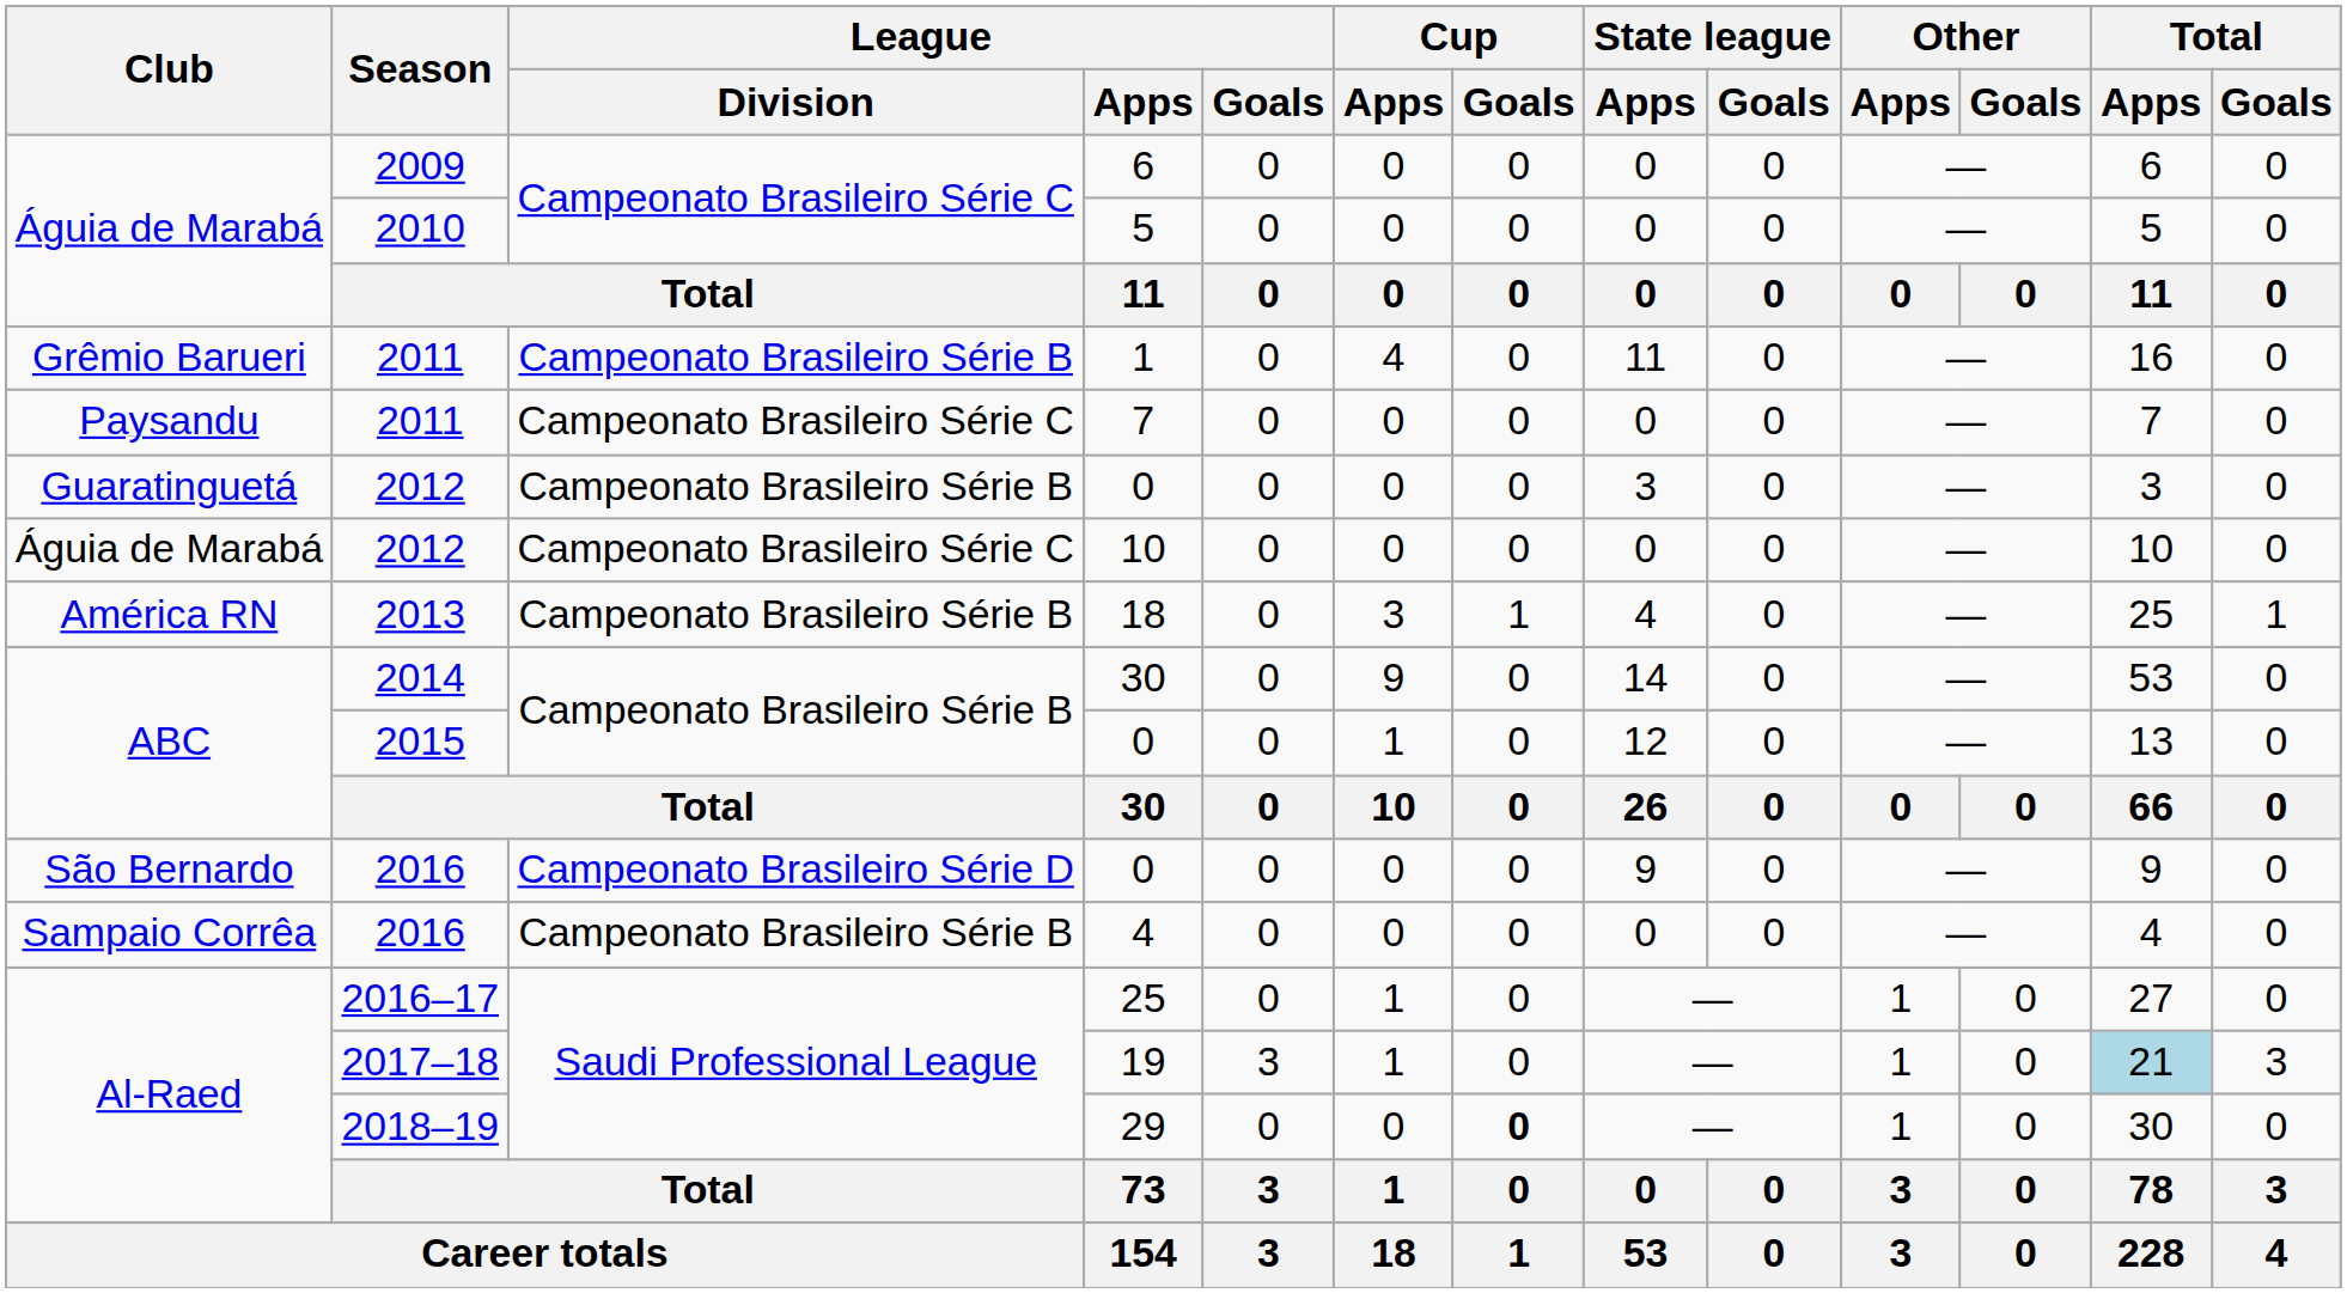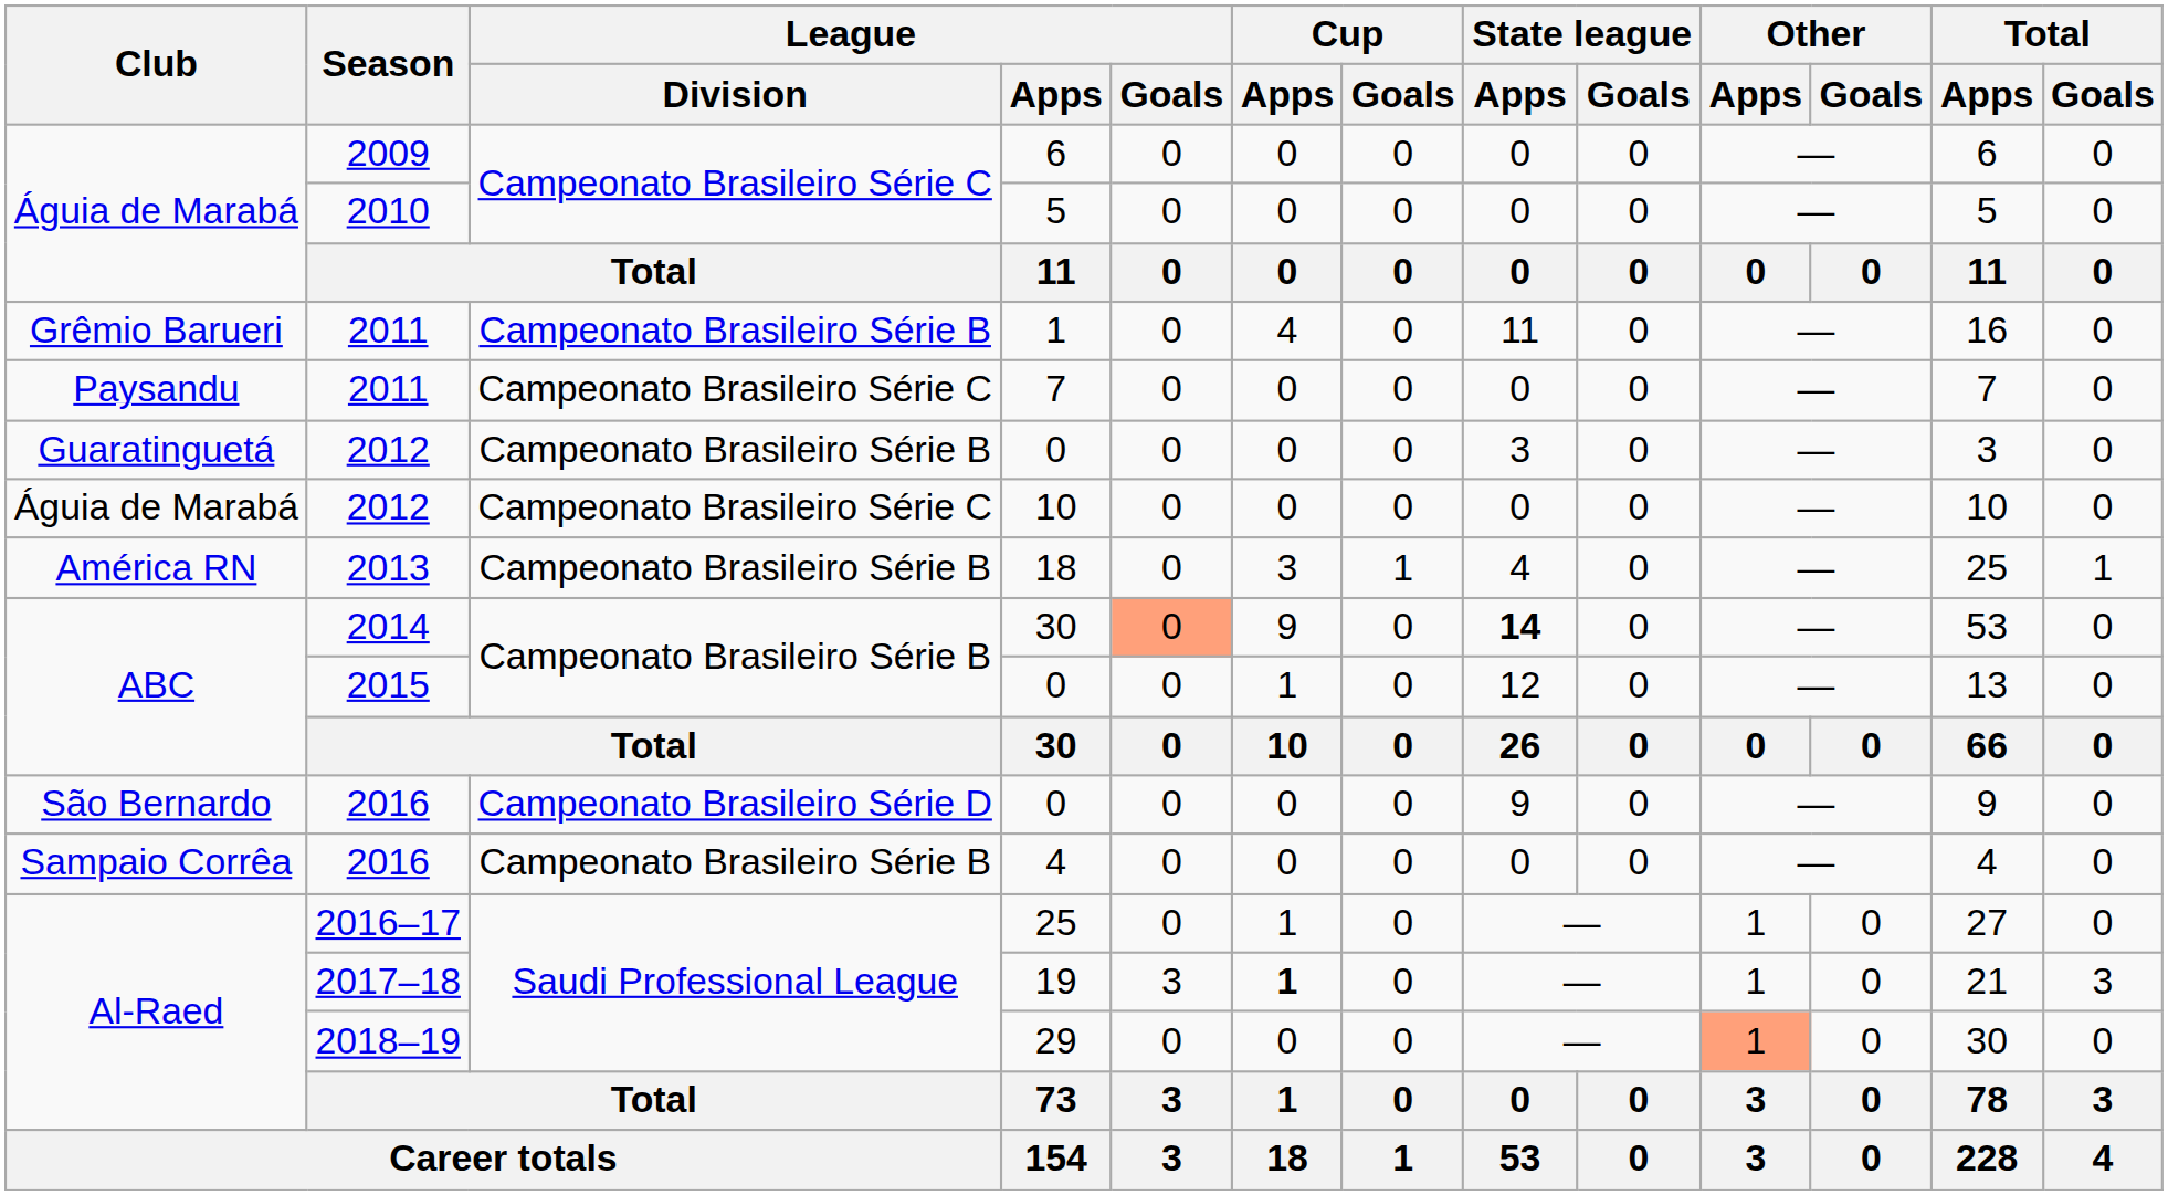 <table class="wikitable" style="text-align:center">
 <tr>
 <th rowspan="2">Club</th>
 <th rowspan="2">Season</th>
 <th colspan="3">League</th>
 <th colspan="2">Cup</th>
 <th colspan="2">State league</th>
 <th colspan="2">Other</th>
 <th colspan="2">Total</th>
 </tr>
 <tr>
 <th>Division</th>
 <th>Apps</th>
 <th>Goals</th>
 <th>Apps</th>
 <th>Goals</th>
 <th>Apps</th>
 <th>Goals</th>
 <th>Apps</th>
 <th>Goals</th>
 <th>Apps</th>
 <th>Goals</th>
 </tr>
 <tr>
 <td rowspan=3><a href='#'>Águia de Marabá</a></td>
 <td><a href='#'>2009</a></td>
 <td rowspan=2><a href='#'>Campeonato Brasileiro Série C</a></td>
 <td>6</td>
 <td>0</td>
 <td>0</td>
 <td>0</td>
 <td>0</td>
 <td>0</td>
 <td colspan=2>—</td>
 <td>6</td>
 <td>0</td>
 </tr>
 <tr>
 <td><a href='#'>2010</a></td>
 <td>5</td>
 <td>0</td>
 <td>0</td>
 <td>0</td>
 <td>0</td>
 <td>0</td>
 <td colspan=2>—</td>
 <td>5</td>
 <td>0</td>
 </tr>
 <tr>
 <th colspan=2>Total</th>
 <th>11</th>
 <th>0</th>
 <th>0</th>
 <th>0</th>
 <th>0</th>
 <th>0</th>
 <th>0</th>
 <th>0</th>
 <th>11</th>
 <th>0</th>
 </tr>
 <tr>
 <td><a href='#'>Grêmio Barueri</a></td>
 <td><a href='#'>2011</a></td>
 <td><a href='#'>Campeonato Brasileiro Série B</a></td>
 <td>1</td>
 <td>0</td>
 <td>4</td>
 <td>0</td>
 <td>11</td>
 <td>0</td>
 <td colspan=2>—</td>
 <td>16</td>
 <td>0</td>
 </tr>
 <tr>
 <td><a href='#'>Paysandu</a></td>
 <td><a href='#'>2011</a></td>
 <td>Campeonato Brasileiro Série C</td>
 <td>7</td>
 <td>0</td>
 <td>0</td>
 <td>0</td>
 <td>0</td>
 <td>0</td>
 <td colspan=2>—</td>
 <td>7</td>
 <td>0</td>
 </tr>
 <tr>
 <td><a href='#'>Guaratinguetá</a></td>
 <td><a href='#'>2012</a></td>
 <td>Campeonato Brasileiro Série B</td>
 <td>0</td>
 <td>0</td>
 <td>0</td>
 <td>0</td>
 <td>3</td>
 <td>0</td>
 <td colspan=2>—</td>
 <td>3</td>
 <td>0</td>
 </tr>
 <tr>
 <td>Águia de Marabá</td>
 <td><a href='#'>2012</a></td>
 <td>Campeonato Brasileiro Série C</td>
 <td>10</td>
 <td>0</td>
 <td>0</td>
 <td>0</td>
 <td>0</td>
 <td>0</td>
 <td colspan=2>—</td>
 <td>10</td>
 <td>0</td>
 </tr>
 <tr>
 <td><a href='#'>América RN</a></td>
 <td><a href='#'>2013</a></td>
 <td>Campeonato Brasileiro Série B</td>
 <td>18</td>
 <td>0</td>
 <td>3</td>
 <td>1</td>
 <td>4</td>
 <td>0</td>
 <td colspan=2>—</td>
 <td>25</td>
 <td>1</td>
 </tr>
 <tr>
 <td rowspan=3><a href='#'>ABC</a></td>
 <td><a href='#'>2014</a></td>
 <td rowspan=2>Campeonato Brasileiro Série B</td>
 <td>30</td>
-<td>0</td>
+<td style="background: lightsalmon;">0</td>
 <td>9</td>
 <td>0</td>
-<td>14</td>
+<td><strong>14</strong></td>
 <td>0</td>
 <td colspan=2>—</td>
 <td>53</td>
 <td>0</td>
 </tr>
 <tr>
 <td><a href='#'>2015</a></td>
 <td>0</td>
 <td>0</td>
 <td>1</td>
 <td>0</td>
 <td>12</td>
 <td>0</td>
 <td colspan=2>—</td>
 <td>13</td>
 <td>0</td>
 </tr>
 <tr>
 <th colspan=2>Total</th>
 <th>30</th>
 <th>0</th>
 <th>10</th>
 <th>0</th>
 <th>26</th>
 <th>0</th>
 <th>0</th>
 <th>0</th>
 <th>66</th>
 <th>0</th>
 </tr>
 <tr>
 <td><a href='#'>São Bernardo</a></td>
 <td><a href='#'>2016</a></td>
 <td><a href='#'>Campeonato Brasileiro Série D</a></td>
 <td>0</td>
 <td>0</td>
 <td>0</td>
 <td>0</td>
 <td>9</td>
 <td>0</td>
 <td colspan=2>—</td>
 <td>9</td>
 <td>0</td>
 </tr>
 <tr>
 <td><a href='#'>Sampaio Corrêa</a></td>
 <td><a href='#'>2016</a></td>
 <td>Campeonato Brasileiro Série B</td>
 <td>4</td>
 <td>0</td>
 <td>0</td>
 <td>0</td>
 <td>0</td>
 <td>0</td>
 <td colspan=2>—</td>
 <td>4</td>
 <td>0</td>
 </tr>
 <tr>
 <td rowspan=4><a href='#'>Al-Raed</a></td>
 <td><a href='#'>2016–17</a></td>
 <td rowspan=3><a href='#'>Saudi Professional League</a></td>
 <td>25</td>
 <td>0</td>
 <td>1</td>
 <td>0</td>
 <td colspan=2>—</td>
 <td>1</td>
 <td>0</td>
 <td>27</td>
 <td>0</td>
 </tr>
 <tr>
 <td><a href='#'>2017–18</a></td>
 <td>19</td>
 <td>3</td>
-<td>1</td>
+<td><strong>1</strong></td>
 <td>0</td>
 <td colspan=2>—</td>
 <td>1</td>
 <td>0</td>
-<td style="background: lightblue;">21</td>
+<td>21</td>
 <td>3</td>
 </tr>
 <tr>
 <td><a href='#'>2018–19</a></td>
 <td>29</td>
 <td>0</td>
 <td>0</td>
-<td><strong>0</strong></td>
+<td>0</td>
 <td colspan=2>—</td>
-<td>1</td>
+<td style="background: lightsalmon;">1</td>
 <td>0</td>
 <td>30</td>
 <td>0</td>
 </tr>
 <tr>
 <th colspan=2>Total</th>
 <th>73</th>
 <th>3</th>
 <th>1</th>
 <th>0</th>
 <th>0</th>
 <th>0</th>
 <th>3</th>
 <th>0</th>
 <th>78</th>
 <th>3</th>
 </tr>
 <tr>
 <th colspan=3>Career totals</th>
 <th>154</th>
 <th>3</th>
 <th>18</th>
 <th>1</th>
 <th>53</th>
 <th>0</th>
 <th>3</th>
 <th>0</th>
 <th>228</th>
 <th>4</th>
 </tr>
 </table>
